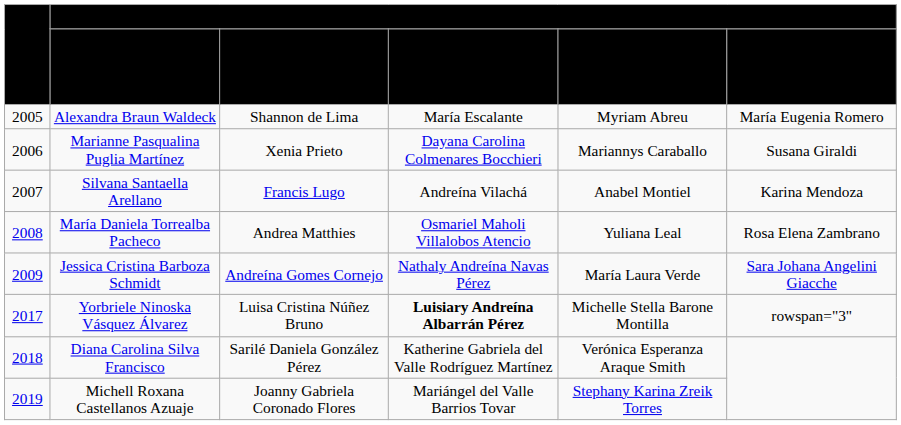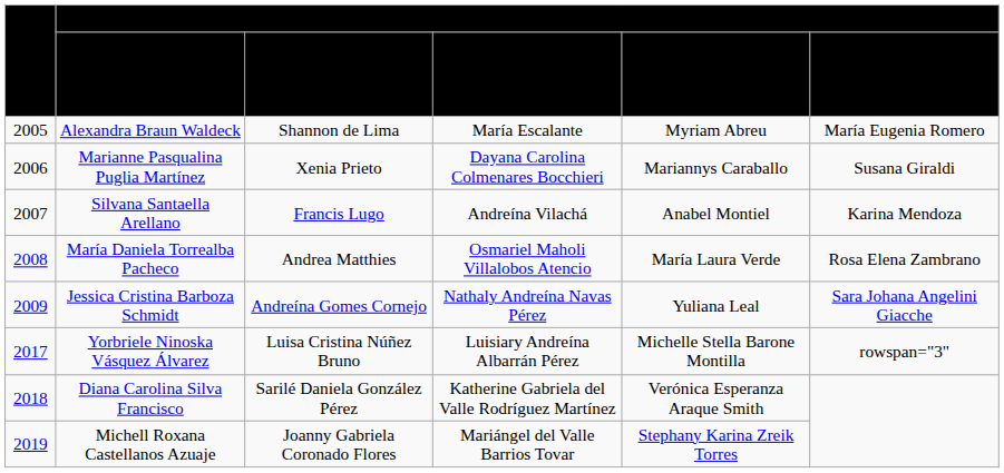 <table class="wikitable" style="text-align:center; font-size:95%; line-height:17px; width:100%;">
 <tr>
 <th style="background:black; width:01%;" scope="col" rowspan="2"><span>Year</span></th>
 <th colspan="5"  style="background:black; width:10%;" scope="col"><span>Miss Earth Venezuela Elemental Titleholders</span></th>
 </tr>
 <tr>
 <th style="background:black; width:10%;" scope="col"><span>Earth</span></th>
 <th style="background:black; width:10%;" scope="col"><span>Air<br>(1st Runner-Up or Miss Continente Americano from 2005 to 2009)</span></th>
 <th style="background:black; width:10%;" scope="col"><span>Water<br>(2nd Runner-Up from 2005 to 2009)</span></th>
 <th style="background:black; width:10%;" scope="col"><span>Fire<br>(3rd Runner-Up from 2005 to 2009)</span></th>
 <th style="background:black; width:10%;" scope="col"><span>—<br>(4th Runner-Up from 2005 to 2009)</span></th>
 </tr>
 <tr>
 <td>2005</td>
 <td><a href='#'>Alexandra Braun Waldeck</a></td>
 <td>Shannon de Lima</td>
 <td>María Escalante</td>
 <td>Myriam Abreu</td>
 <td>María Eugenia Romero</td>
 </tr>
 <tr>
 <td>2006</td>
 <td><a href='#'>Marianne Pasqualina Puglia Martínez</a></td>
 <td>Xenia Prieto</td>
 <td><a href='#'>Dayana Carolina Colmenares Bocchieri</a></td>
 <td>Mariannys Caraballo</td>
 <td>Susana Giraldi</td>
 </tr>
 <tr>
 <td>2007</td>
 <td><a href='#'>Silvana Santaella Arellano</a></td>
 <td><a href='#'>Francis Lugo</a></td>
 <td>Andreína Vilachá</td>
 <td>Anabel Montiel</td>
 <td>Karina Mendoza</td>
 </tr>
 <tr>
 <td><a href='#'>2008</a></td>
 <td><a href='#'>María Daniela Torrealba Pacheco</a></td>
 <td>Andrea Matthies</td>
 <td><a href='#'>Osmariel Maholi Villalobos Atencio</a></td>
-<td>Yuliana Leal</td>
+<td>María Laura Verde</td>
 <td>Rosa Elena Zambrano</td>
 </tr>
 <tr>
 <td><a href='#'>2009</a></td>
 <td><a href='#'>Jessica Cristina Barboza Schmidt</a></td>
 <td><a href='#'>Andreína Gomes Cornejo</a></td>
 <td><a href='#'>Nathaly Andreína Navas Pérez</a></td>
-<td>María Laura Verde</td>
+<td>Yuliana Leal</td>
 <td><a href='#'>Sara Johana Angelini Giacche</a></td>
 </tr>
 <tr>
 <td><a href='#'>2017</a></td>
 <td><a href='#'>Yorbriele Ninoska Vásquez Álvarez</a></td>
 <td>Luisa Cristina Núñez Bruno</td>
-<td><strong>Luisiary Andreína Albarrán Pérez</strong></td>
+<td>Luisiary Andreína Albarrán Pérez</td>
 <td>Michelle Stella Barone Montilla</td>
 <td>rowspan="3" </td>
 </tr>
 <tr>
 <td><a href='#'>2018</a></td>
 <td><a href='#'>Diana Carolina Silva Francisco</a></td>
 <td>Sarilé Daniela González Pérez</td>
 <td>Katherine Gabriela del Valle Rodríguez Martínez</td>
 <td>Verónica Esperanza Araque Smith</td>
 </tr>
 <tr>
 <td><a href='#'>2019</a></td>
 <td>Michell Roxana Castellanos Azuaje</td>
 <td>Joanny Gabriela Coronado Flores</td>
 <td>Mariángel del Valle Barrios Tovar</td>
 <td><a href='#'>Stephany Karina Zreik Torres</a></td>
 </tr>
 </table>
